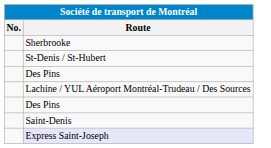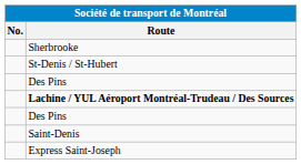 <table align=center class="wikitable">
 <tr>
 <th style="background: #0085CA; font-size:100%; color:#FFFFFF;"colspan="4">Société de transport de Montréal</th>
 </tr>
 <tr>
 <th>No.</th>
 <th>Route</th>
 </tr>
 <tr>
 <td {{Avoid wrap> </td>
 <td>Sherbrooke</td>
 </tr>
 <tr>
 <td></td>
 <td>St-Denis / St-Hubert</td>
 </tr>
 <tr>
 <td></td>
 <td>Des Pins</td>
 </tr>
 <tr>
 <td {{Avoid wrap> </td>
-<td>Lachine / YUL Aéroport Montréal-Trudeau / Des Sources</td>
+<td><strong>Lachine / YUL Aéroport Montréal-Trudeau / Des Sources</strong></td>
 </tr>
 <tr>
 <td {{Avoid wrap> </td>
 <td>Des Pins</td>
 </tr>
 <tr>
 <td {{Avoid wrap> </td>
 <td>Saint-Denis</td>
 </tr>
 <tr>
 <td></td>
-<td style="background: lavender;">Express Saint-Joseph</td>
+<td>Express Saint-Joseph</td>
 </tr>
 </table>
